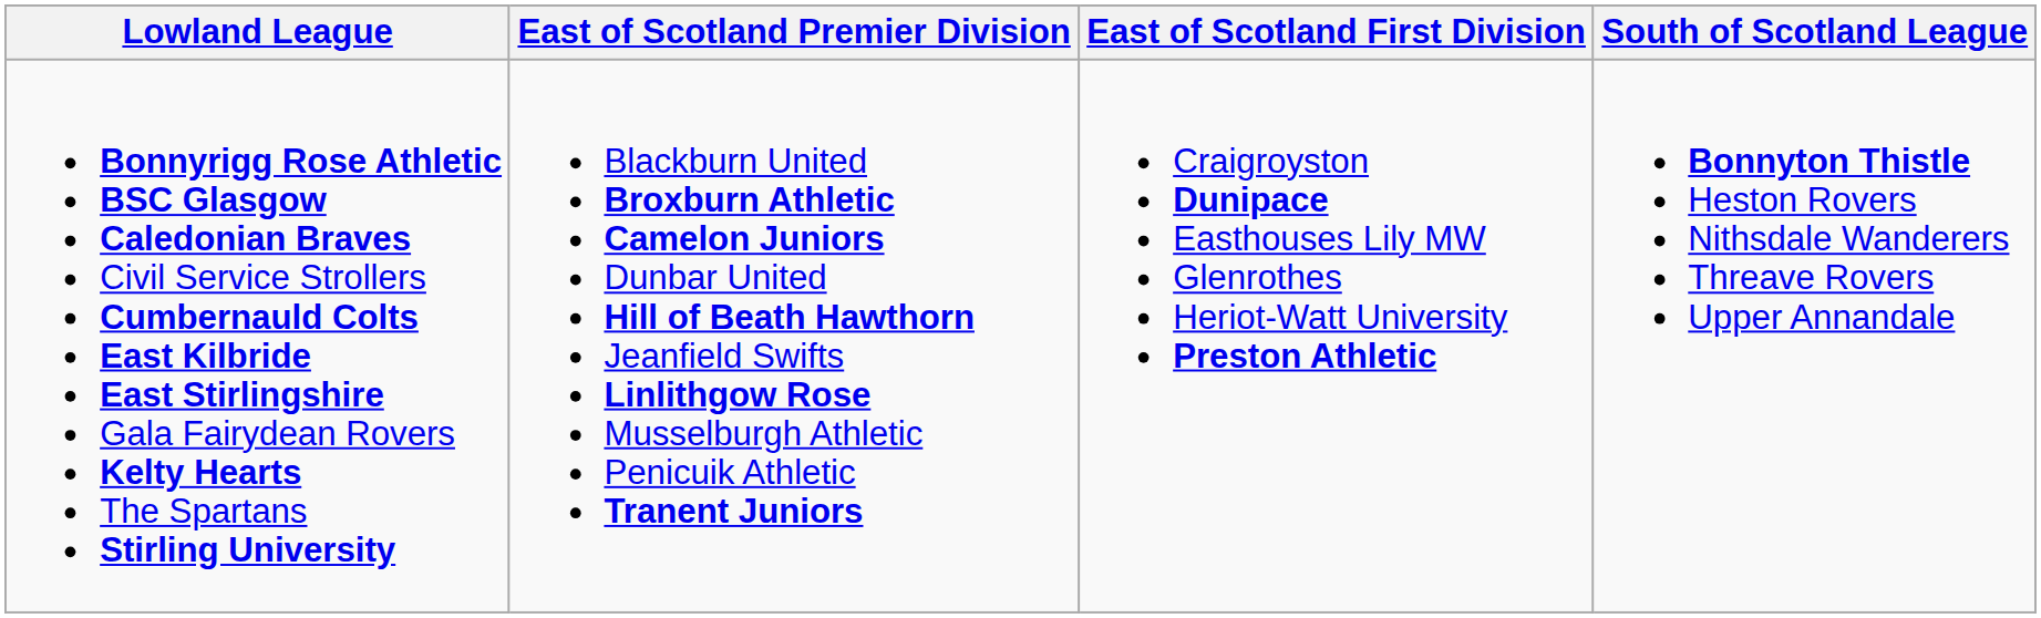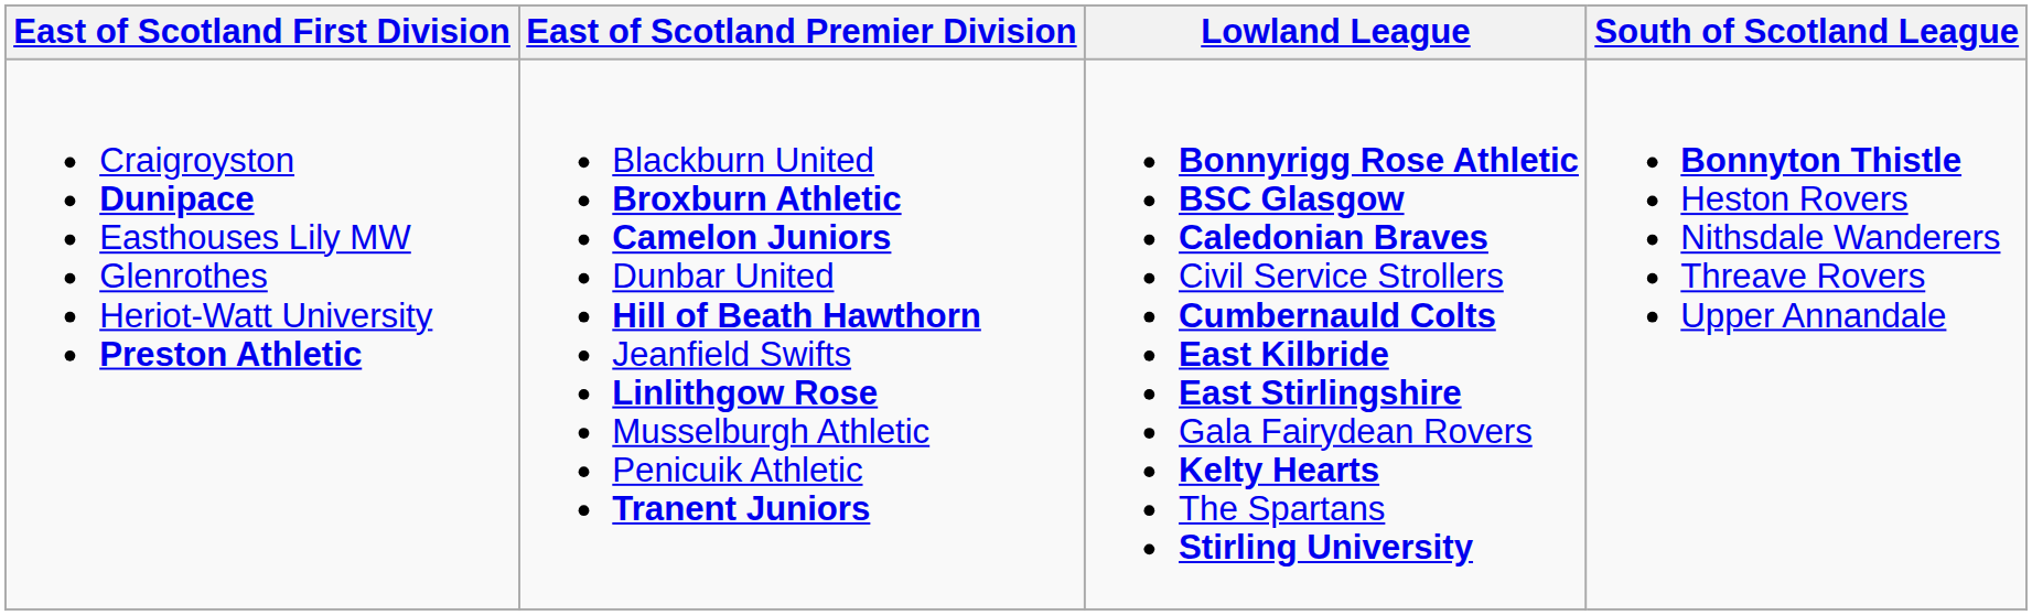 <table class="wikitable" style="text-align:left">
 <tr>
+<th><a href='#'>East of Scotland First Division</a></th>
+<th><a href='#'>East of Scotland Premier Division</a></th>
 <th><a href='#'>Lowland League</a></th>
-<th><a href='#'>East of Scotland Premier Division</a></th>
-<th><a href='#'>East of Scotland First Division</a></th>
 <th><a href='#'>South of Scotland League</a></th>
 </tr>
 <tr>
+<td valign=top><br><ul><li><a href='#'>Craigroyston</a></li><li><strong><a href='#'>Dunipace</a></strong></li><li><a href='#'>Easthouses Lily MW</a></li><li><a href='#'>Glenrothes</a></li><li><a href='#'>Heriot-Watt University</a></li><li><strong><a href='#'>Preston Athletic</a></strong></li></ul></td>
+<td valign=top><br><ul><li><a href='#'>Blackburn United</a></li><li><strong><a href='#'>Broxburn Athletic</a></strong></li><li><strong><a href='#'>Camelon Juniors</a></strong></li><li><a href='#'>Dunbar United</a></li><li><strong><a href='#'>Hill of Beath Hawthorn</a></strong></li><li><a href='#'>Jeanfield Swifts</a></li><li><strong><a href='#'>Linlithgow Rose</a></strong></li><li><a href='#'>Musselburgh Athletic</a></li><li><a href='#'>Penicuik Athletic</a></li><li><strong><a href='#'>Tranent Juniors</a></strong></li></ul></td>
 <td valign=top><br><ul><li><strong><a href='#'>Bonnyrigg Rose Athletic</a></strong></li><li><strong><a href='#'>BSC Glasgow</a></strong></li><li><strong><a href='#'>Caledonian Braves</a></strong></li><li><a href='#'>Civil Service Strollers</a></li><li><strong><a href='#'>Cumbernauld Colts</a></strong></li><li><strong><a href='#'>East Kilbride</a></strong></li><li><strong><a href='#'>East Stirlingshire</a></strong></li><li><a href='#'>Gala Fairydean Rovers</a></li><li><strong><a href='#'>Kelty Hearts</a></strong></li><li><a href='#'>The Spartans</a></li><li><strong><a href='#'>Stirling University</a></strong></li></ul></td>
-<td valign=top><br><ul><li><a href='#'>Blackburn United</a></li><li><strong><a href='#'>Broxburn Athletic</a></strong></li><li><strong><a href='#'>Camelon Juniors</a></strong></li><li><a href='#'>Dunbar United</a></li><li><strong><a href='#'>Hill of Beath Hawthorn</a></strong></li><li><a href='#'>Jeanfield Swifts</a></li><li><strong><a href='#'>Linlithgow Rose</a></strong></li><li><a href='#'>Musselburgh Athletic</a></li><li><a href='#'>Penicuik Athletic</a></li><li><strong><a href='#'>Tranent Juniors</a></strong></li></ul></td>
-<td valign=top><br><ul><li><a href='#'>Craigroyston</a></li><li><strong><a href='#'>Dunipace</a></strong></li><li><a href='#'>Easthouses Lily MW</a></li><li><a href='#'>Glenrothes</a></li><li><a href='#'>Heriot-Watt University</a></li><li><strong><a href='#'>Preston Athletic</a></strong></li></ul></td>
 <td valign=top><br><ul><li><strong><a href='#'>Bonnyton Thistle</a></strong></li><li><a href='#'>Heston Rovers</a></li><li><a href='#'>Nithsdale Wanderers</a></li><li><a href='#'>Threave Rovers</a></li><li><a href='#'>Upper Annandale</a></li></ul></td>
 </tr>
 </table>
